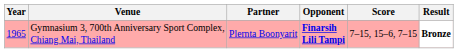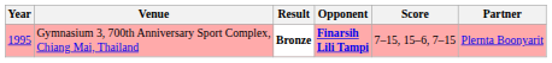 <table class="sortable wikitable" style="font-size: 90%;">
 <tr>
 <th>Year</th>
 <th>Venue</th>
-<th>Partner</th>
+<th>Result</th>
 <th>Opponent</th>
 <th>Score</th>
-<th>Result</th>
+<th>Partner</th>
 </tr>
 <tr style="background:#FFAAAA">
-<td align="center"><a href='#'>1965</a></td>
+<td align="center"><a href='#'>1995</a></td>
 <td align="left">Gymnasium 3, 700th Anniversary Sport Complex,<br><a href='#'>Chiang Mai, Thailand</a></td>
-<td align="left"> <a href='#'>Plernta Boonyarit</a></td>
+<td style="text-align:left; background:white"> <strong>Bronze</strong></td>
 <td align="left"><strong> <a href='#'>Finarsih</a> <br>  <a href='#'>Lili Tampi</a></strong></td>
 <td align="left">7–15, 15–6, 7–15</td>
-<td style="text-align:left; background:white"> <strong>Bronze</strong></td>
+<td align="left"> <a href='#'>Plernta Boonyarit</a></td>
 </tr>
 </table>
